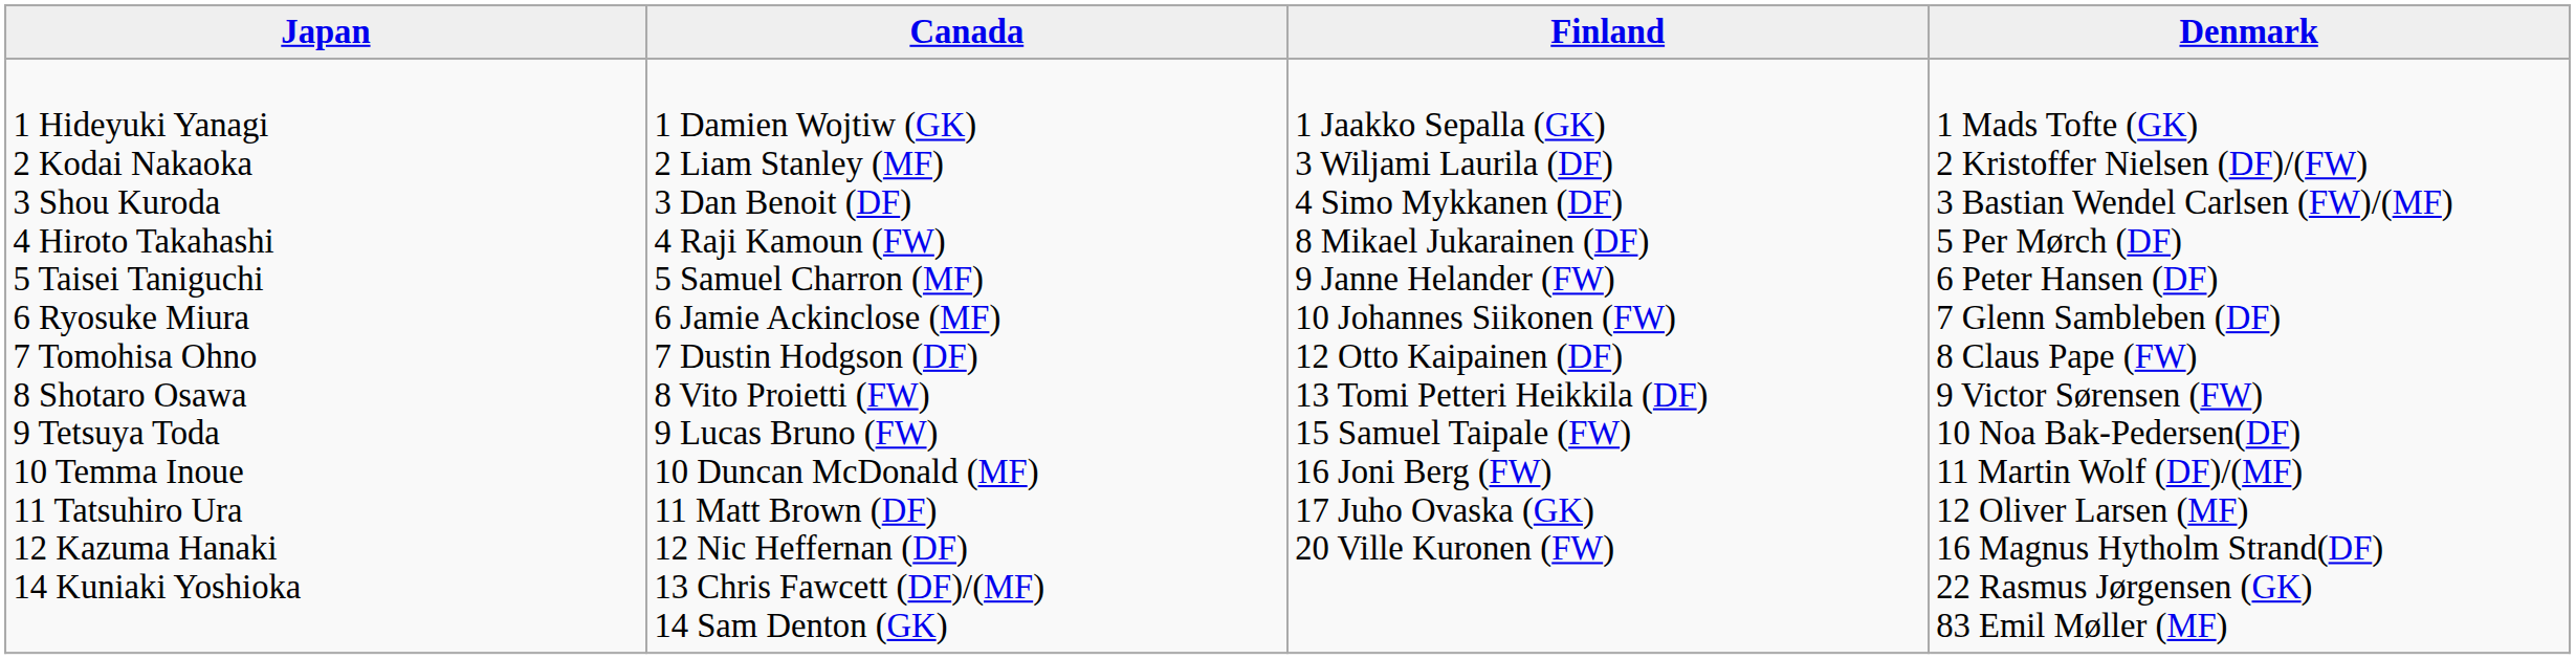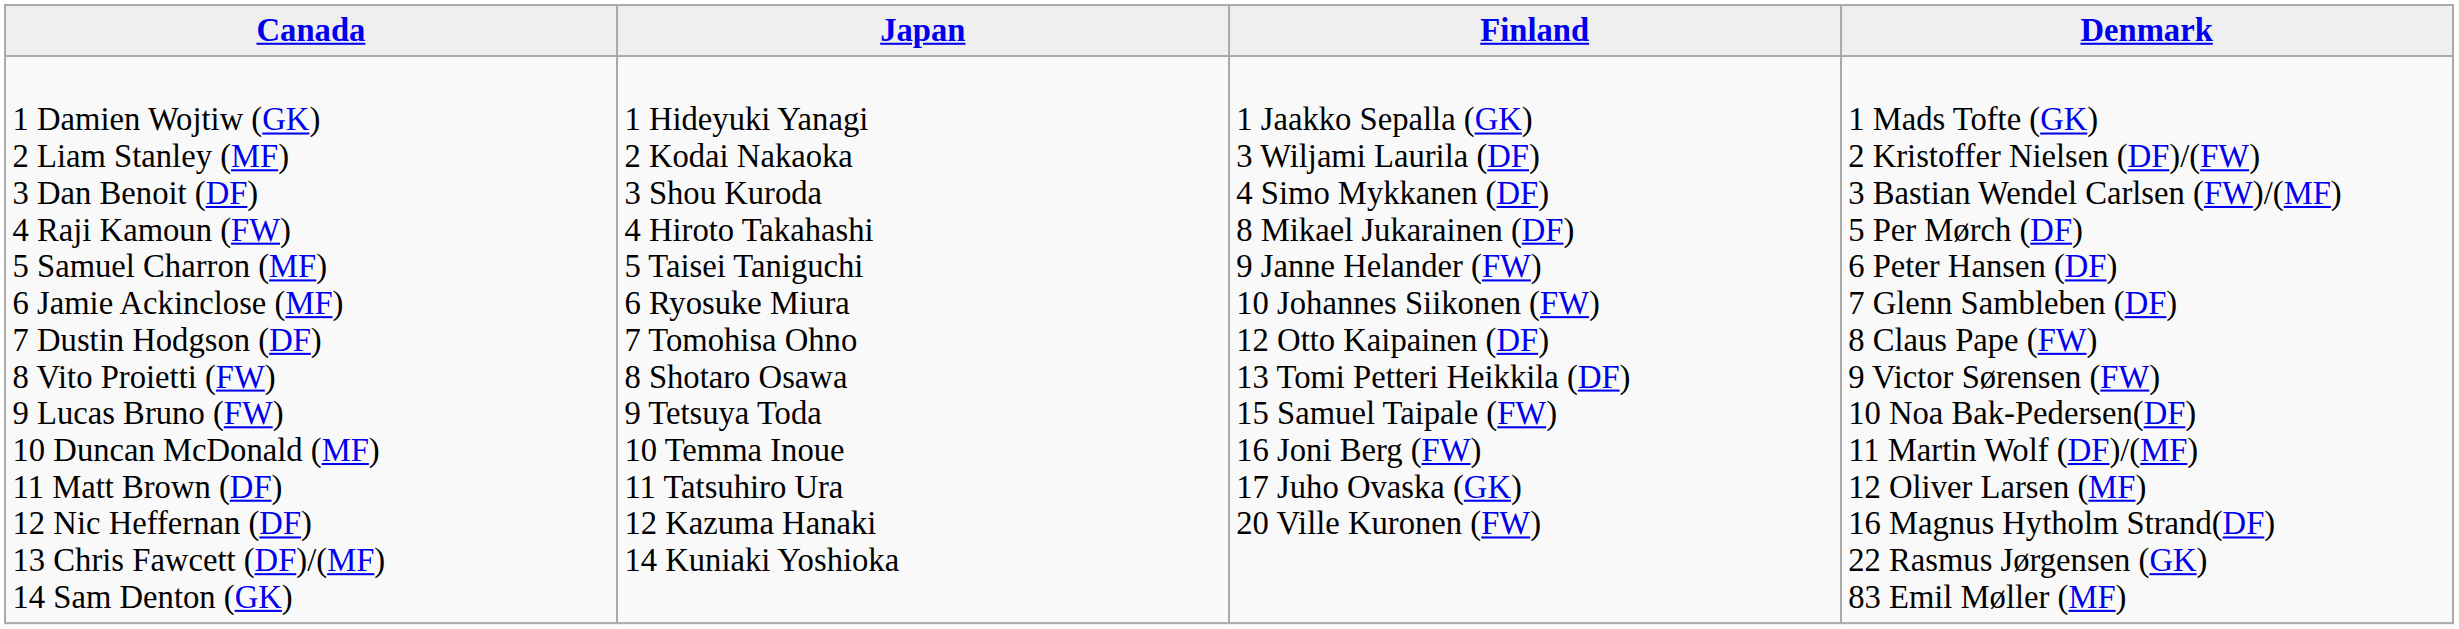 <table class="wikitable mw-collapsible mw-collapsed" cellpadding=5 cellspacing=0 style="width:95%">
 <tr align=center>
+<td bgcolor="#efefef" width="200"><strong> <a href='#'>Canada</a></strong></td>
 <td bgcolor="#efefef" width="200"><strong> <a href='#'>Japan</a></strong></td>
-<td bgcolor="#efefef" width="200"><strong> <a href='#'>Canada</a></strong></td>
 <td bgcolor="#efefef" width="200"><strong> <a href='#'>Finland</a></strong></td>
 <td bgcolor="#efefef" width="200"><strong> <a href='#'>Denmark</a></strong></td>
 </tr>
 <tr valign=top>
+<td><br>1 Damien Wojtiw (<a href='#'>GK</a>)<br> 2 Liam Stanley (<a href='#'>MF</a>)<br> 3 Dan Benoit (<a href='#'>DF</a>)<br> 4 Raji Kamoun (<a href='#'>FW</a>)<br> 5 Samuel Charron (<a href='#'>MF</a>)<br> 6 Jamie Ackinclose (<a href='#'>MF</a>)<br> 7 Dustin Hodgson (<a href='#'>DF</a>)<br> 8 Vito Proietti (<a href='#'>FW</a>)<br> 9 Lucas Bruno (<a href='#'>FW</a>)<br> 10 Duncan McDonald (<a href='#'>MF</a>)<br> 11 Matt Brown (<a href='#'>DF</a>)<br> 12 Nic Heffernan (<a href='#'>DF</a>)<br> 13 Chris Fawcett (<a href='#'>DF</a>)/(<a href='#'>MF</a>)<br> 14 Sam Denton (<a href='#'>GK</a>)<br></td>
 <td><br>1 Hideyuki Yanagi<br> 2 Kodai Nakaoka<br> 3 Shou Kuroda<br> 4 Hiroto Takahashi<br> 5 Taisei Taniguchi<br> 6 Ryosuke Miura<br> 7 Tomohisa Ohno<br> 8 Shotaro Osawa<br> 9 Tetsuya Toda<br> 10 Temma Inoue<br> 11 Tatsuhiro Ura<br> 12 Kazuma Hanaki<br> 14 Kuniaki Yoshioka<br></td>
-<td><br>1 Damien Wojtiw (<a href='#'>GK</a>)<br> 2 Liam Stanley (<a href='#'>MF</a>)<br> 3 Dan Benoit (<a href='#'>DF</a>)<br> 4 Raji Kamoun (<a href='#'>FW</a>)<br> 5 Samuel Charron (<a href='#'>MF</a>)<br> 6 Jamie Ackinclose (<a href='#'>MF</a>)<br> 7 Dustin Hodgson (<a href='#'>DF</a>)<br> 8 Vito Proietti (<a href='#'>FW</a>)<br> 9 Lucas Bruno (<a href='#'>FW</a>)<br> 10 Duncan McDonald (<a href='#'>MF</a>)<br> 11 Matt Brown (<a href='#'>DF</a>)<br> 12 Nic Heffernan (<a href='#'>DF</a>)<br> 13 Chris Fawcett (<a href='#'>DF</a>)/(<a href='#'>MF</a>)<br> 14 Sam Denton (<a href='#'>GK</a>)<br></td>
 <td><br>1 Jaakko Sepalla (<a href='#'>GK</a>)<br> 3 Wiljami Laurila (<a href='#'>DF</a>)<br> 4 Simo Mykkanen (<a href='#'>DF</a>)<br> 8 Mikael Jukarainen (<a href='#'>DF</a>)<br> 9 Janne Helander (<a href='#'>FW</a>)<br> 10 Johannes Siikonen (<a href='#'>FW</a>)<br> 12 Otto	Kaipainen (<a href='#'>DF</a>)<br> 13 Tomi Petteri	Heikkila (<a href='#'>DF</a>)<br> 15 Samuel Taipale (<a href='#'>FW</a>)<br> 16 Joni	Berg (<a href='#'>FW</a>)<br> 17 Juho	Ovaska (<a href='#'>GK</a>)<br> 20 Ville Kuronen (<a href='#'>FW</a>)<br></td>
 <td><br>1 Mads Tofte (<a href='#'>GK</a>)<br> 2 Kristoffer Nielsen (<a href='#'>DF</a>)/(<a href='#'>FW</a>)<br> 3 Bastian Wendel Carlsen (<a href='#'>FW</a>)/(<a href='#'>MF</a>)<br> 5 Per Mørch (<a href='#'>DF</a>)<br> 6 Peter Hansen (<a href='#'>DF</a>)<br> 7 Glenn Sambleben (<a href='#'>DF</a>)<br> 8 Claus Pape (<a href='#'>FW</a>)<br> 9 Victor Sørensen (<a href='#'>FW</a>)<br> 10 Noa Bak-Pedersen(<a href='#'>DF</a>)<br> 11 Martin Wolf (<a href='#'>DF</a>)/(<a href='#'>MF</a>)<br> 12 Oliver Larsen (<a href='#'>MF</a>)<br> 16 Magnus Hytholm Strand(<a href='#'>DF</a>)<br> 22 Rasmus Jørgensen (<a href='#'>GK</a>)<br> 83 Emil	Møller (<a href='#'>MF</a>)<br></td>
 </tr>
 </table>
